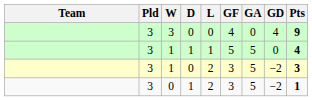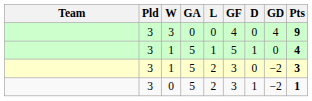 <table class="wikitable" style="text-align:center;">
 <tr>
 <th width=180>Team</th>
 <th width=20>Pld</th>
 <th width=20>W</th>
-<th width=20>D</th>
+<th width=20>GA</th>
 <th width=20>L</th>
 <th width=20>GF</th>
-<th width=20>GA</th>
+<th width=20>D</th>
 <th width=20>GD</th>
 <th width=20>Pts</th>
 </tr>
 <tr bgcolor="ccffcc">
 <td align="left"><em></em></td>
 <td>3</td>
 <td>3</td>
 <td>0</td>
 <td>0</td>
 <td>4</td>
 <td>0</td>
 <td>4</td>
 <td><strong>9</strong></td>
 </tr>
 <tr bgcolor="ccffcc">
 <td align="left"></td>
 <td>3</td>
 <td>1</td>
-<td>1</td>
+<td>5</td>
 <td>1</td>
 <td>5</td>
-<td>5</td>
+<td>1</td>
 <td>0</td>
 <td><strong>4</strong></td>
 </tr>
 <tr bgcolor="ffffcc">
 <td align="left"></td>
 <td>3</td>
 <td>1</td>
-<td>0</td>
+<td>5</td>
 <td>2</td>
 <td>3</td>
-<td>5</td>
+<td>0</td>
 <td>−2</td>
 <td><strong>3</strong></td>
 </tr>
 <tr>
 <td align="left"></td>
 <td>3</td>
 <td>0</td>
-<td>1</td>
+<td>5</td>
 <td>2</td>
 <td>3</td>
-<td>5</td>
+<td>1</td>
 <td>−2</td>
 <td><strong>1</strong></td>
 </tr>
 </table>
